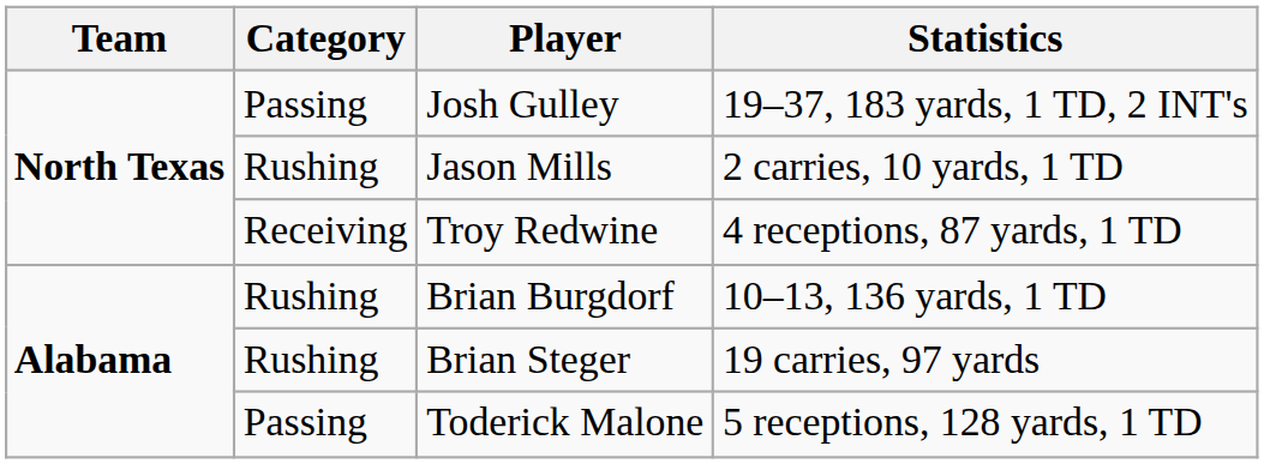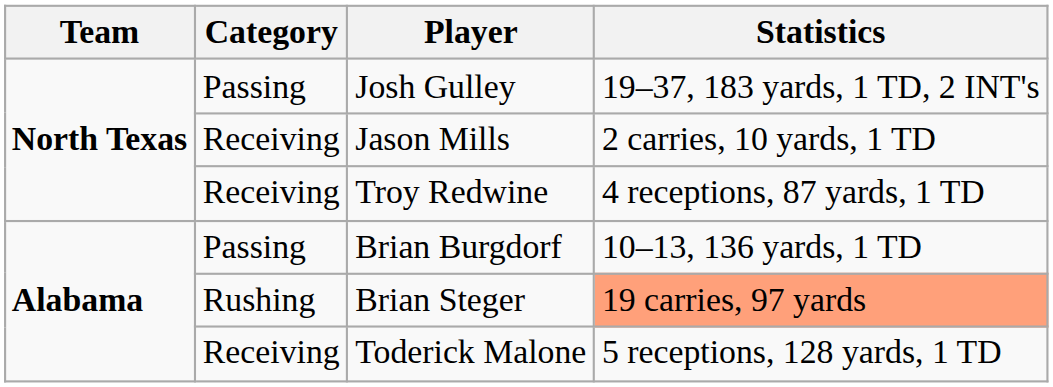 <table class="wikitable" style="float: right;">
 <tr>
 <th>Team</th>
 <th>Category</th>
 <th>Player</th>
 <th>Statistics</th>
 </tr>
 <tr>
 <td rowspan=3><strong>North Texas</strong></td>
 <td>Passing</td>
 <td>Josh Gulley</td>
 <td>19–37, 183 yards, 1 TD, 2 INT's</td>
 </tr>
 <tr>
-<td>Rushing</td>
+<td>Receiving</td>
 <td>Jason Mills</td>
 <td>2 carries, 10 yards, 1 TD</td>
 </tr>
 <tr>
 <td>Receiving</td>
 <td>Troy Redwine</td>
 <td>4 receptions, 87 yards, 1 TD</td>
 </tr>
 <tr>
 <td rowspan=3><strong>Alabama</strong></td>
-<td>Rushing</td>
+<td>Passing</td>
 <td>Brian Burgdorf</td>
 <td>10–13, 136 yards, 1 TD</td>
 </tr>
 <tr>
 <td>Rushing</td>
 <td>Brian Steger</td>
-<td>19 carries, 97 yards</td>
+<td style="background: lightsalmon;">19 carries, 97 yards</td>
 </tr>
 <tr>
-<td>Passing</td>
+<td>Receiving</td>
 <td>Toderick Malone</td>
 <td>5 receptions, 128 yards, 1 TD</td>
 </tr>
 </table>
